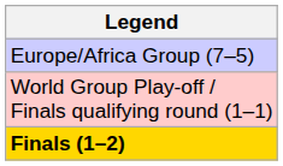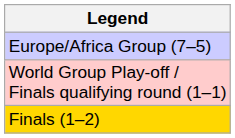 <table class=wikitable style=font-size:90%>
 <tr>
 <th>Legend</th>
 </tr>
 <tr>
 <td bgcolor=CCCCFF>Europe/Africa Group (7–5)</td>
 </tr>
 <tr>
 <td bgcolor=ffcccc>World Group Play-off / <br> Finals qualifying round (1–1)</td>
 </tr>
 <tr>
-<td bgcolor="gold"><strong>Finals (1–2)</strong></td>
+<td bgcolor="gold">Finals (1–2)</td>
 </tr>
 </table>
